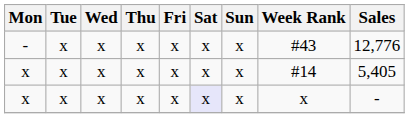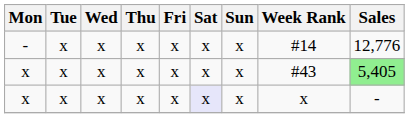 <table class="wikitable">
 <tr>
 <th>Mon</th>
 <th>Tue</th>
 <th>Wed</th>
 <th>Thu</th>
 <th>Fri</th>
 <th>Sat</th>
 <th>Sun</th>
 <th>Week Rank</th>
 <th>Sales</th>
 </tr>
 <tr align="center">
 <td>-</td>
 <td>x</td>
 <td>x</td>
 <td>x</td>
 <td>x</td>
 <td>x</td>
 <td>x</td>
-<td>#43</td>
+<td>#14</td>
 <td>12,776</td>
 </tr>
 <tr align="center">
 <td>x</td>
 <td>x</td>
 <td>x</td>
 <td>x</td>
 <td>x</td>
 <td>x</td>
 <td>x</td>
-<td>#14</td>
-<td>5,405</td>
+<td>#43</td>
+<td style="background: lightgreen;">5,405</td>
 </tr>
 <tr align="center">
 <td>x</td>
 <td>x</td>
 <td>x</td>
 <td>x</td>
 <td>x</td>
 <td style="background: lavender;">x</td>
 <td>x</td>
 <td>x</td>
 <td>-</td>
 </tr>
 <tr align="center">
 </tr>
 </table>
